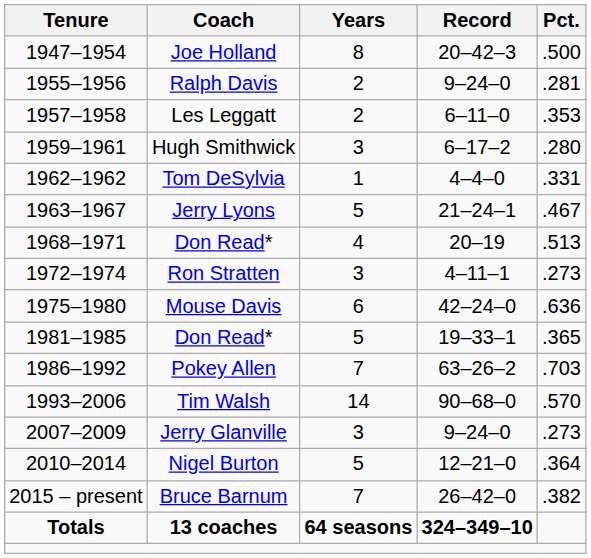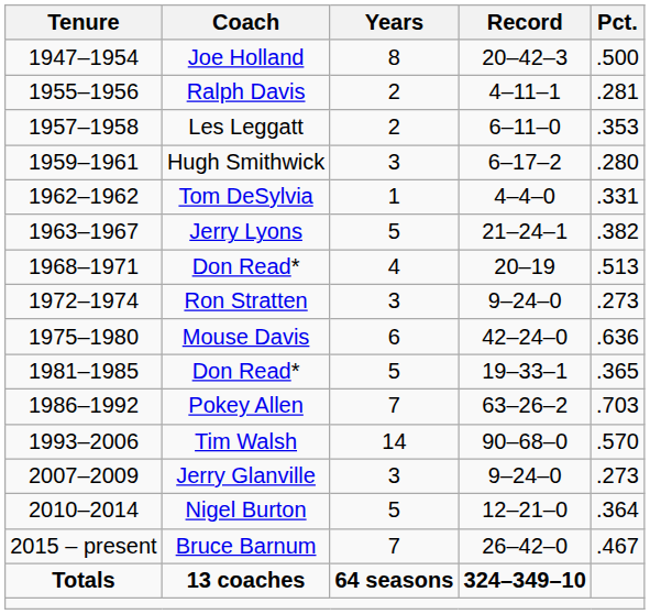 <table class="wikitable"; style= "text-align:center ">
 <tr>
 <th width=px>Tenure</th>
 <th width=px>Coach</th>
 <th width=0px>Years</th>
 <th width=px>Record</th>
 <th width=px>Pct.</th>
 </tr>
 <tr>
 <td>1947–1954</td>
 <td><a href='#'>Joe Holland</a></td>
 <td>8</td>
 <td>20–42–3</td>
 <td>.500</td>
 </tr>
 <tr>
 <td>1955–1956</td>
 <td><a href='#'>Ralph Davis</a></td>
 <td>2</td>
-<td>9–24–0</td>
+<td>4–11–1</td>
 <td>.281</td>
 </tr>
 <tr>
 <td>1957–1958</td>
 <td>Les Leggatt</td>
 <td>2</td>
 <td>6–11–0</td>
 <td>.353</td>
 </tr>
 <tr>
 <td>1959–1961</td>
 <td>Hugh Smithwick</td>
 <td>3</td>
 <td>6–17–2</td>
 <td>.280</td>
 </tr>
 <tr>
 <td>1962–1962</td>
 <td><a href='#'>Tom DeSylvia</a></td>
 <td>1</td>
 <td>4–4–0</td>
 <td>.331</td>
 </tr>
 <tr>
 <td>1963–1967</td>
 <td><a href='#'>Jerry Lyons</a></td>
 <td>5</td>
 <td>21–24–1</td>
-<td>.467</td>
+<td>.382</td>
 </tr>
 <tr>
 <td>1968–1971</td>
 <td><a href='#'>Don Read</a>*</td>
 <td>4</td>
 <td>20–19</td>
 <td>.513</td>
 </tr>
 <tr>
 <td>1972–1974</td>
 <td><a href='#'>Ron Stratten</a></td>
 <td>3</td>
-<td>4–11–1</td>
+<td>9–24–0</td>
 <td>.273</td>
 </tr>
 <tr>
 <td>1975–1980</td>
 <td><a href='#'>Mouse Davis</a></td>
 <td>6</td>
 <td>42–24–0</td>
 <td>.636</td>
 </tr>
 <tr>
 <td>1981–1985</td>
 <td><a href='#'>Don Read</a>*</td>
 <td>5</td>
 <td>19–33–1</td>
 <td>.365</td>
 </tr>
 <tr>
 <td>1986–1992</td>
 <td><a href='#'>Pokey Allen</a></td>
 <td>7</td>
 <td>63–26–2</td>
 <td>.703</td>
 </tr>
 <tr>
 <td>1993–2006</td>
 <td><a href='#'>Tim Walsh</a></td>
 <td>14</td>
 <td>90–68–0</td>
 <td>.570</td>
 </tr>
 <tr>
 <td>2007–2009</td>
 <td><a href='#'>Jerry Glanville</a></td>
 <td>3</td>
 <td>9–24–0</td>
 <td>.273</td>
 </tr>
 <tr>
 <td>2010–2014</td>
 <td><a href='#'>Nigel Burton</a></td>
 <td>5</td>
 <td>12–21–0</td>
 <td>.364</td>
 </tr>
 <tr>
 <td>2015 – present</td>
 <td><a href='#'>Bruce Barnum</a></td>
 <td>7</td>
 <td>26–42–0</td>
-<td>.382</td>
+<td>.467</td>
 </tr>
 <tr>
 <td><strong>Totals</strong></td>
 <td><strong>13 coaches</strong></td>
 <td><strong>64 seasons</strong></td>
 <td><strong>324–349–10</strong></td>
 <td><strong></strong></td>
 </tr>
 <tr>
 <td colspan=5></td>
 </tr>
 </table>
